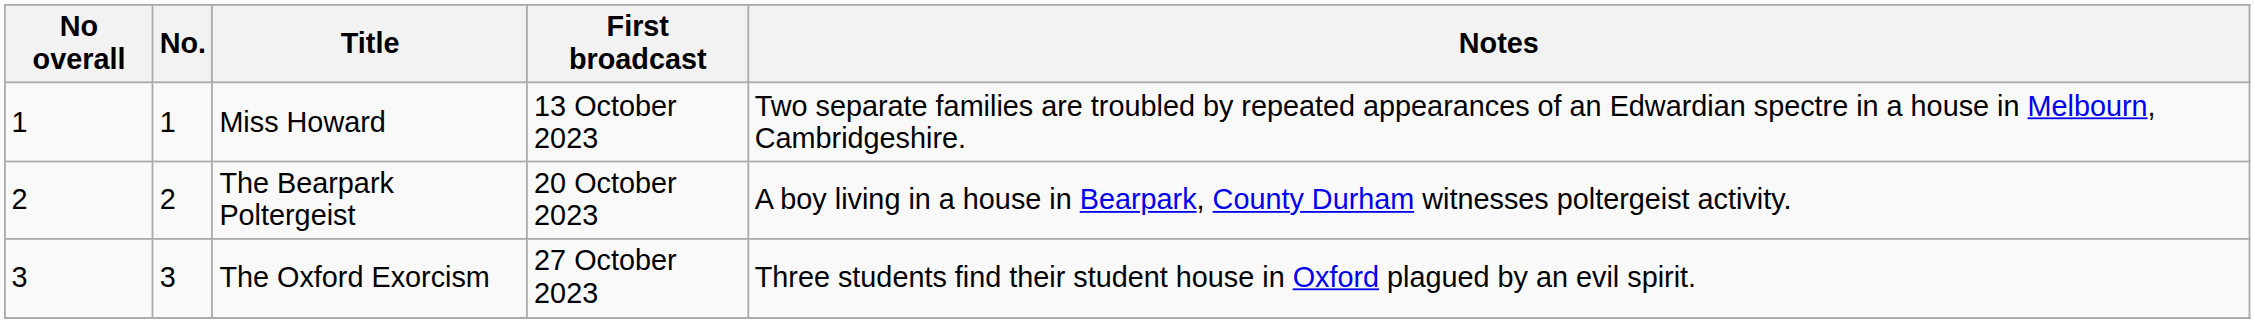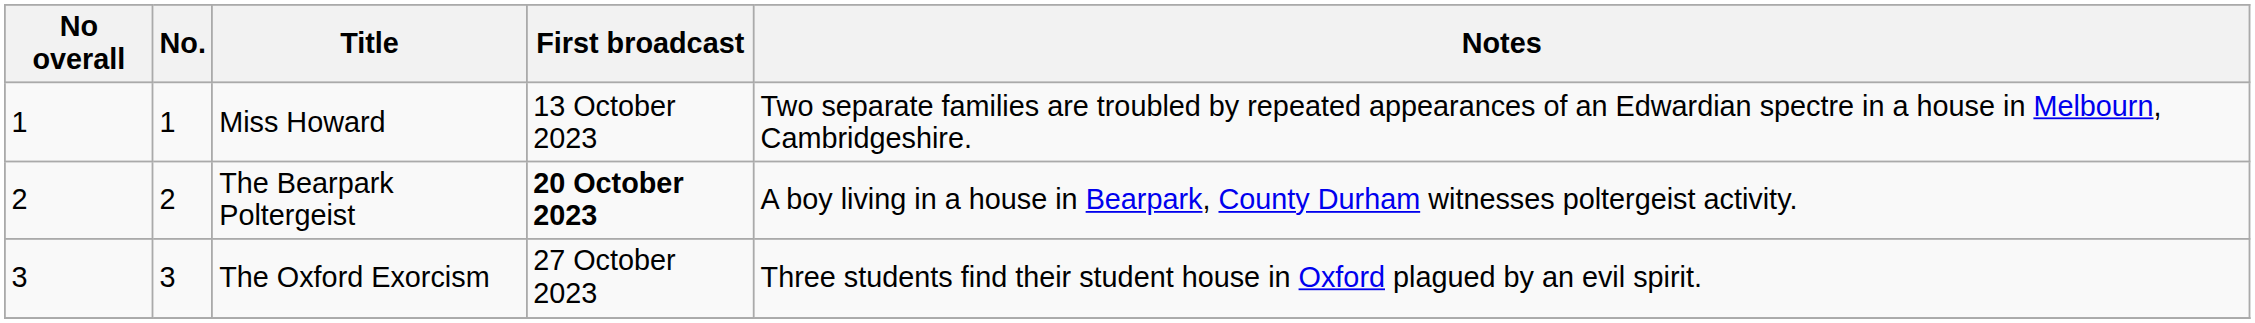 <table class="wikitable sortable">
 <tr>
 <th><strong>No overall</strong></th>
 <th><strong>No.</strong></th>
 <th><strong>Title</strong></th>
 <th><strong>First broadcast</strong></th>
 <th><strong>Notes</strong></th>
 </tr>
 <tr>
 <td>1</td>
 <td>1</td>
 <td>Miss Howard</td>
 <td>13 October 2023</td>
 <td>Two separate families are troubled by repeated appearances of an Edwardian spectre in a house in <a href='#'>Melbourn</a>, Cambridgeshire.</td>
 </tr>
 <tr>
 <td>2</td>
 <td>2</td>
 <td>The Bearpark Poltergeist</td>
-<td>20 October 2023</td>
+<td><strong>20 October 2023</strong></td>
 <td>A boy living in a house in <a href='#'>Bearpark</a>, <a href='#'>County Durham</a> witnesses poltergeist activity.</td>
 </tr>
 <tr>
 <td>3</td>
 <td>3</td>
 <td>The Oxford Exorcism</td>
 <td>27 October 2023</td>
 <td>Three students find their student house in <a href='#'>Oxford</a> plagued by an evil spirit.</td>
 </tr>
 <tr>
 </tr>
 </table>
